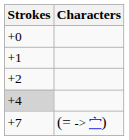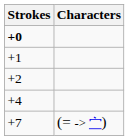 <table class="wikitable">
 <tr>
 <th>Strokes</th>
 <th>Characters</th>
 </tr>
 <tr --->
-<td>+0</td>
+<td><strong>+0</strong></td>
 <td style="font-size: large;"> </td>
 </tr>
 <tr --->
 <td>+1</td>
 <td style="font-size: large;"></td>
 </tr>
 <tr --->
 <td>+2</td>
 <td style="font-size: large;"> </td>
 </tr>
 <tr --->
-<td style="background: lightgrey;">+4</td>
+<td>+4</td>
 <td style="font-size: large;"> </td>
 </tr>
 <tr --->
 <td>+7</td>
 <td style="font-size: large;"> (= <small>-> <a href='#'>宀</a></small>)</td>
 </tr>
 </table>
